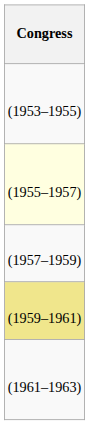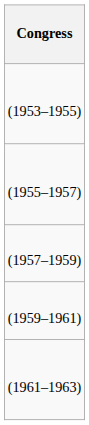 <table class="wikitable" style="float:left; margin:0; margin-right:-0.5px; margin-top:14px; text-align:center;">
 <tr style="white-space:nowrap; height:4.1em;">
 <th>Congress</th>
 </tr>
 <tr style="white-space:nowrap; height:5.64em;">
 <td><strong></strong><br>(1953–1955)</td>
 </tr>
 <tr style="white-space:nowrap; height:5.68em">
-<td style="background: lightyellow;"><strong></strong><br>(1955–1957)</td>
+<td><strong></strong><br>(1955–1957)</td>
 </tr>
 <tr style="white-space:nowrap; height:4.02em">
 <td><strong></strong><br>(1957–1959)</td>
 </tr>
 <tr style="white-space:nowrap; height:4.06em">
-<td style="background: khaki;"><strong></strong><br>(1959–1961)</td>
+<td><strong></strong><br>(1959–1961)</td>
 </tr>
 <tr style="white-space:nowrap; height:5.6em">
 <td><strong></strong><br>(1961–1963)</td>
 </tr>
 </table>
